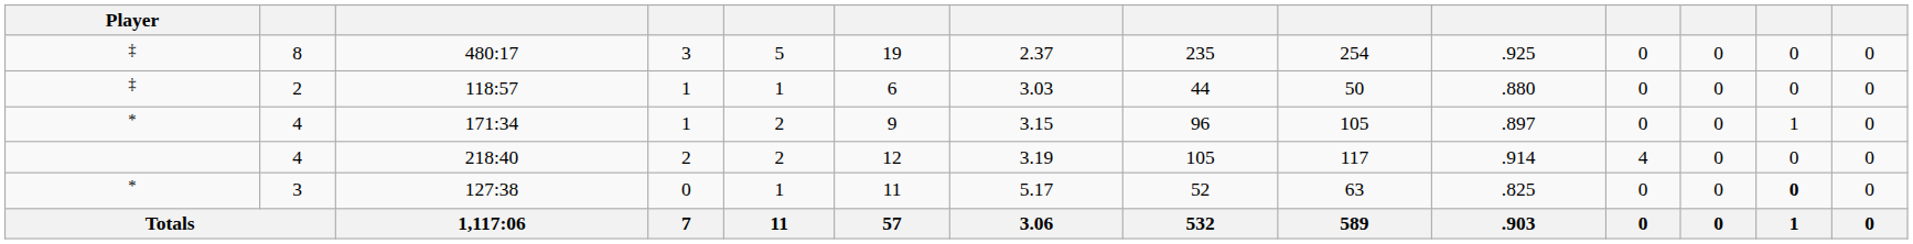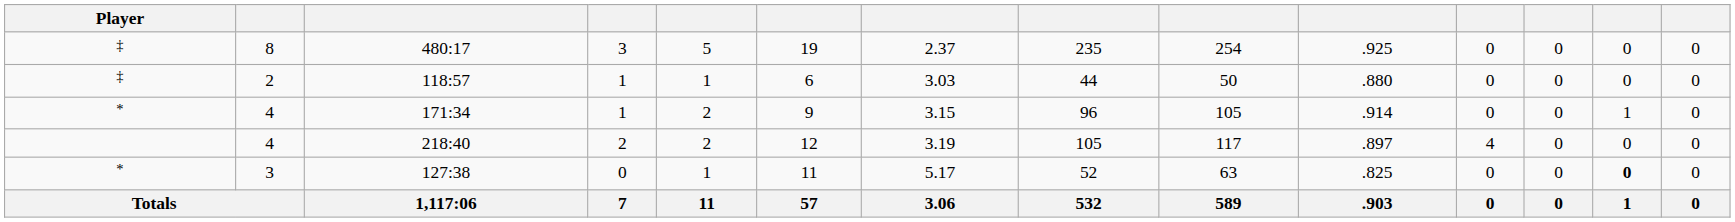 <table class="wikitable sortable" style="width:100%;">
 <tr style="text-align:center; background:#ddd;">
 <th>Player</th>
 <th></th>
 <th></th>
 <th></th>
 <th></th>
 <th></th>
 <th></th>
 <th></th>
 <th></th>
 <th></th>
 <th></th>
 <th></th>
 <th></th>
 <th></th>
 </tr>
 <tr align=center>
 <td style=white-space:nowrap><sup>‡</sup></td>
 <td>8</td>
 <td>480:17</td>
 <td>3</td>
 <td>5</td>
 <td>19</td>
 <td>2.37</td>
 <td>235</td>
 <td>254</td>
 <td>.925</td>
 <td>0</td>
 <td>0</td>
 <td>0</td>
 <td>0</td>
 </tr>
 <tr align=center>
 <td style=white-space:nowrap><sup>‡</sup></td>
 <td>2</td>
 <td>118:57</td>
 <td>1</td>
 <td>1</td>
 <td>6</td>
 <td>3.03</td>
 <td>44</td>
 <td>50</td>
 <td>.880</td>
 <td>0</td>
 <td>0</td>
 <td>0</td>
 <td>0</td>
 </tr>
 <tr align=center>
 <td style=white-space:nowrap><sup>*</sup></td>
 <td>4</td>
 <td>171:34</td>
 <td>1</td>
 <td>2</td>
 <td>9</td>
 <td>3.15</td>
 <td>96</td>
 <td>105</td>
-<td>.897</td>
+<td>.914</td>
 <td>0</td>
 <td>0</td>
 <td>1</td>
 <td>0</td>
 </tr>
 <tr align=center>
 <td style=white-space:nowrap></td>
 <td>4</td>
 <td>218:40</td>
 <td>2</td>
 <td>2</td>
 <td>12</td>
 <td>3.19</td>
 <td>105</td>
 <td>117</td>
-<td>.914</td>
+<td>.897</td>
 <td>4</td>
 <td>0</td>
 <td>0</td>
 <td>0</td>
 </tr>
 <tr align=center>
 <td style=white-space:nowrap><sup>*</sup></td>
 <td>3</td>
 <td>127:38</td>
 <td>0</td>
 <td>1</td>
 <td>11</td>
 <td>5.17</td>
 <td>52</td>
 <td>63</td>
 <td>.825</td>
 <td>0</td>
 <td>0</td>
 <td><strong>0</strong></td>
 <td>0</td>
 </tr>
 <tr class="unsortable">
 <th colspan=2>Totals</th>
 <th>1,117:06</th>
 <th>7</th>
 <th>11</th>
 <th>57</th>
 <th>3.06</th>
 <th>532</th>
 <th>589</th>
 <th>.903</th>
 <th>0</th>
 <th>0</th>
 <th>1</th>
 <th>0</th>
 </tr>
 </table>
